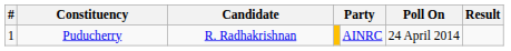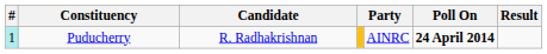 <table class="wikitable sortable" style="text-align:center;">
 <tr>
 <th>#</th>
 <th style="width:180px;">Constituency</th>
 <th style="width:200px;">Candidate</th>
 <th colspan="2">Party</th>
 <th>Poll On</th>
 <th>Result</th>
 </tr>
 <tr>
-<td style="text-align:center;">1</td>
+<td style="background: paleturquoise; text-align:center;">1</td>
 <td><a href='#'>Puducherry</a></td>
 <td><a href='#'>R. Radhakrishnan</a></td>
 <td bgcolor=#FFC000></td>
 <td><a href='#'>AINRC</a></td>
-<td>24 April 2014</td>
+<td><strong>24 April 2014</strong></td>
 <td></td>
 </tr>
 </table>
